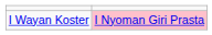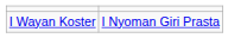 <table class="wikitable" style="text-align:left; float:right; margin-right:9px; margin-left:2px;">
 <tr>
 <td style="text-align:left;"></td>
 <td style="text-align:left;"></td>
 </tr>
 <tr>
 <td style="text-align:center;"><a href='#'>I Wayan Koster</a><br></td>
-<td style="background: pink; text-align:center;"><a href='#'>I Nyoman Giri Prasta</a><br></td>
+<td style="text-align:center;"><a href='#'>I Nyoman Giri Prasta</a><br></td>
 </tr>
 </table>
